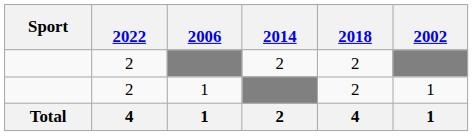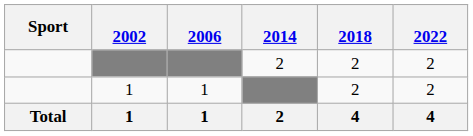 <table class="wikitable" width=35%>
 <tr>
 <th>Sport</th>
-<th><br><a href='#'>2022</a></th>
+<th><br><a href='#'>2002</a></th>
 <th><br><a href='#'>2006</a></th>
 <th><br><a href='#'>2014</a></th>
 <th><br><a href='#'>2018</a></th>
-<th><br><a href='#'>2002</a></th>
+<th><br><a href='#'>2022</a></th>
 </tr>
 <tr>
 <td></td>
-<td align=center>2</td>
+<td bgcolor=grey></td>
 <td bgcolor=grey></td>
 <td align=center>2</td>
 <td align=center>2</td>
-<td bgcolor=grey></td>
+<td align=center>2</td>
 </tr>
 <tr>
 <td></td>
-<td align=center>2</td>
+<td align=center>1</td>
 <td align=center>1</td>
 <td bgcolor=grey></td>
 <td align=center>2</td>
-<td align=center>1</td>
+<td align=center>2</td>
 </tr>
 <tr>
 <th>Total</th>
-<th align=center>4</th>
+<th align=center>1</th>
 <th align=center>1</th>
 <th align=center>2</th>
 <th align=center>4</th>
-<th align=center>1</th>
+<th align=center>4</th>
 </tr>
 </table>
